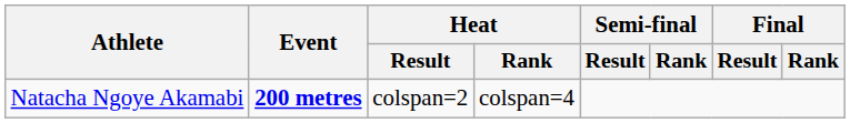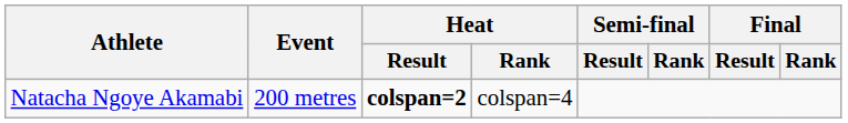 <table class="wikitable" style="font-size:90%">
 <tr>
 <th rowspan="2">Athlete</th>
 <th rowspan="2">Event</th>
 <th colspan="2">Heat</th>
 <th colspan="2">Semi-final</th>
 <th colspan="2">Final</th>
 </tr>
 <tr style="font-size:95%">
 <th>Result</th>
 <th>Rank</th>
 <th>Result</th>
 <th>Rank</th>
 <th>Result</th>
 <th>Rank</th>
 </tr>
 <tr style=text-align:center>
 <td style=text-align:left><a href='#'>Natacha Ngoye Akamabi</a></td>
-<td style=text-align:left><strong><a href='#'>200 metres</a></strong></td>
-<td>colspan=2 </td>
+<td style=text-align:left><a href='#'>200 metres</a></td>
+<td><strong>colspan=2 </strong></td>
 <td>colspan=4 </td>
 </tr>
 </table>
